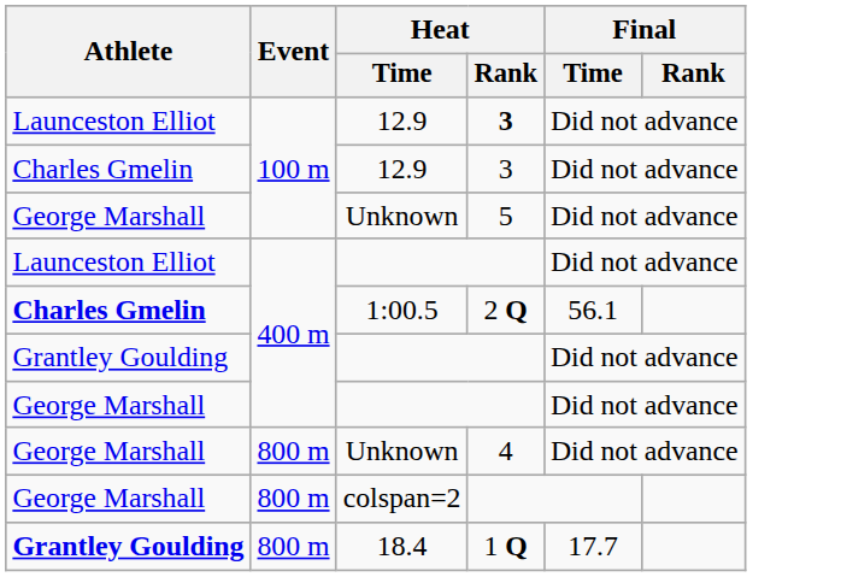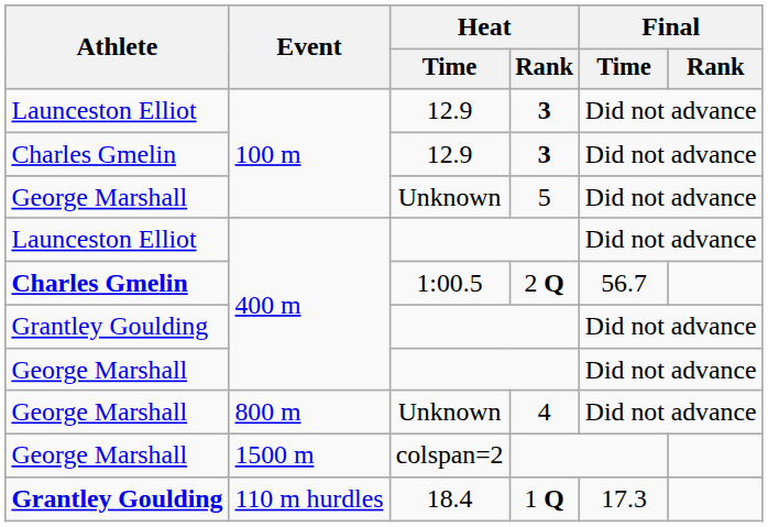 <table class=wikitable style=font-size:90%;text-align:center>
 <tr>
 <th rowspan=2>Athlete</th>
 <th rowspan=2>Event</th>
 <th colspan=2>Heat</th>
 <th colspan=2>Final</th>
 </tr>
 <tr style=font-size:95%>
 <th>Time</th>
 <th>Rank</th>
 <th>Time</th>
 <th>Rank</th>
 </tr>
 <tr>
 <td align=left><a href='#'>Launceston Elliot</a></td>
 <td align=left rowspan=3><a href='#'>100 m</a></td>
 <td>12.9</td>
 <td><strong>3</strong></td>
 <td colspan=2>Did not advance</td>
 </tr>
 <tr>
 <td align=left><a href='#'>Charles Gmelin</a></td>
 <td>12.9</td>
-<td>3</td>
+<td><strong>3</strong></td>
 <td colspan=2>Did not advance</td>
 </tr>
 <tr>
 <td align=left><a href='#'>George Marshall</a></td>
 <td>Unknown</td>
 <td>5</td>
 <td colspan=2>Did not advance</td>
 </tr>
 <tr>
 <td align=left><a href='#'>Launceston Elliot</a></td>
 <td align=left rowspan=4><a href='#'>400 m</a></td>
 <td colspan=2></td>
 <td colspan=2>Did not advance</td>
 </tr>
 <tr>
 <td align=left><strong><a href='#'>Charles Gmelin</a></strong></td>
 <td>1:00.5</td>
 <td>2 <strong>Q</strong></td>
-<td>56.1</td>
+<td>56.7</td>
 <td></td>
 </tr>
 <tr>
 <td align=left><a href='#'>Grantley Goulding</a></td>
 <td colspan=2></td>
 <td colspan=2>Did not advance</td>
 </tr>
 <tr>
 <td align=left><a href='#'>George Marshall</a></td>
 <td colspan=2></td>
 <td colspan=2>Did not advance</td>
 </tr>
 <tr>
 <td align=left><a href='#'>George Marshall</a></td>
 <td align=left><a href='#'>800 m</a></td>
 <td>Unknown</td>
 <td>4</td>
 <td colspan=2>Did not advance</td>
 </tr>
 <tr>
 <td align=left><a href='#'>George Marshall</a></td>
-<td align=left><a href='#'>800 m</a></td>
+<td align=left><a href='#'>1500 m</a></td>
 <td>colspan=2 </td>
 <td colspan=2></td>
 </tr>
 <tr>
 <td align=left><strong><a href='#'>Grantley Goulding</a></strong></td>
-<td align=left><a href='#'>800 m</a></td>
+<td align=left><a href='#'>110 m hurdles</a></td>
 <td>18.4</td>
 <td>1 <strong>Q</strong></td>
-<td>17.7</td>
+<td>17.3</td>
 <td></td>
 </tr>
 </table>
